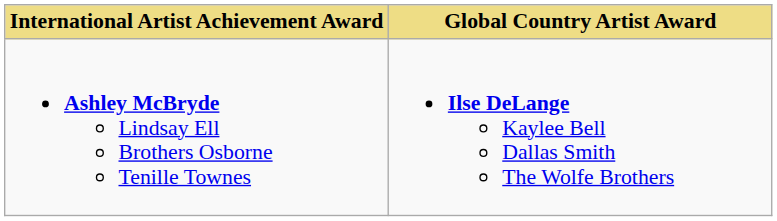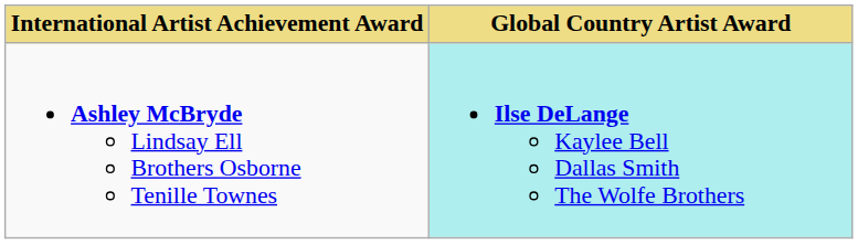 <table class="wikitable">
 <tr>
 <th style="background:#EEDD85;" width="50%">International Artist Achievement Award</th>
 <th style="background:#EEDD85;" width="50%">Global Country Artist Award</th>
 </tr>
 <tr>
 <td valign="top"><br><ul><li><strong><a href='#'>Ashley McBryde</a></strong><ul><li><a href='#'>Lindsay Ell</a></li><li><a href='#'>Brothers Osborne</a></li><li><a href='#'>Tenille Townes</a></li></ul></li></ul></td>
-<td valign="top"><br><ul><li><strong><a href='#'>Ilse DeLange</a></strong><ul><li><a href='#'>Kaylee Bell</a></li><li><a href='#'>Dallas Smith</a></li><li><a href='#'>The Wolfe Brothers</a></li></ul></li></ul></td>
+<td valign="top" style="background: paleturquoise;"><br><ul><li><strong><a href='#'>Ilse DeLange</a></strong><ul><li><a href='#'>Kaylee Bell</a></li><li><a href='#'>Dallas Smith</a></li><li><a href='#'>The Wolfe Brothers</a></li></ul></li></ul></td>
 </tr>
 </table>
